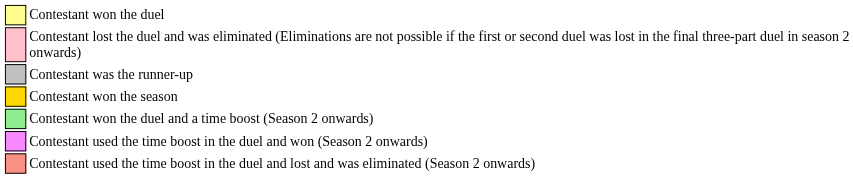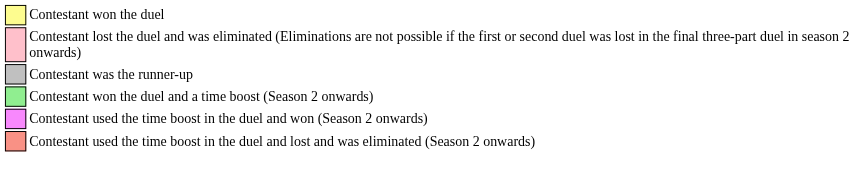 <table class="toccolors" style="font-size: 90%; white-space: nowrap”">
 <tr>
 <td style="background:#fdfc8f; border:1px solid black">     </td>
 <td>Contestant won the duel</td>
 </tr>
 <tr>
 <td style="background:pink; border:1px solid black">     </td>
 <td>Contestant lost the duel and was eliminated (Eliminations are not possible if the first or second duel was lost in the final three-part duel in season 2 onwards)</td>
 </tr>
 <tr>
 <td style="background:silver; border:1px solid black">     </td>
 <td>Contestant was the runner-up</td>
 </tr>
 <tr>
-<td style="background:gold; border:1px solid black">     </td>
-<td>Contestant won the season</td>
-</tr>
-<tr>
 <td style="background:lightgreen; border:1px solid black">     </td>
 <td>Contestant won the duel and a time boost (Season 2 onwards)</td>
 </tr>
 <tr>
 <td style="background:#F888FD; border:1px solid black">     </td>
 <td>Contestant used the time boost in the duel and won (Season 2 onwards)</td>
 </tr>
 <tr>
 <td style="background:#F99185; border:1px solid black">     </td>
 <td>Contestant used the time boost in the duel and lost and was eliminated (Season 2 onwards)</td>
 </tr>
 </table>
